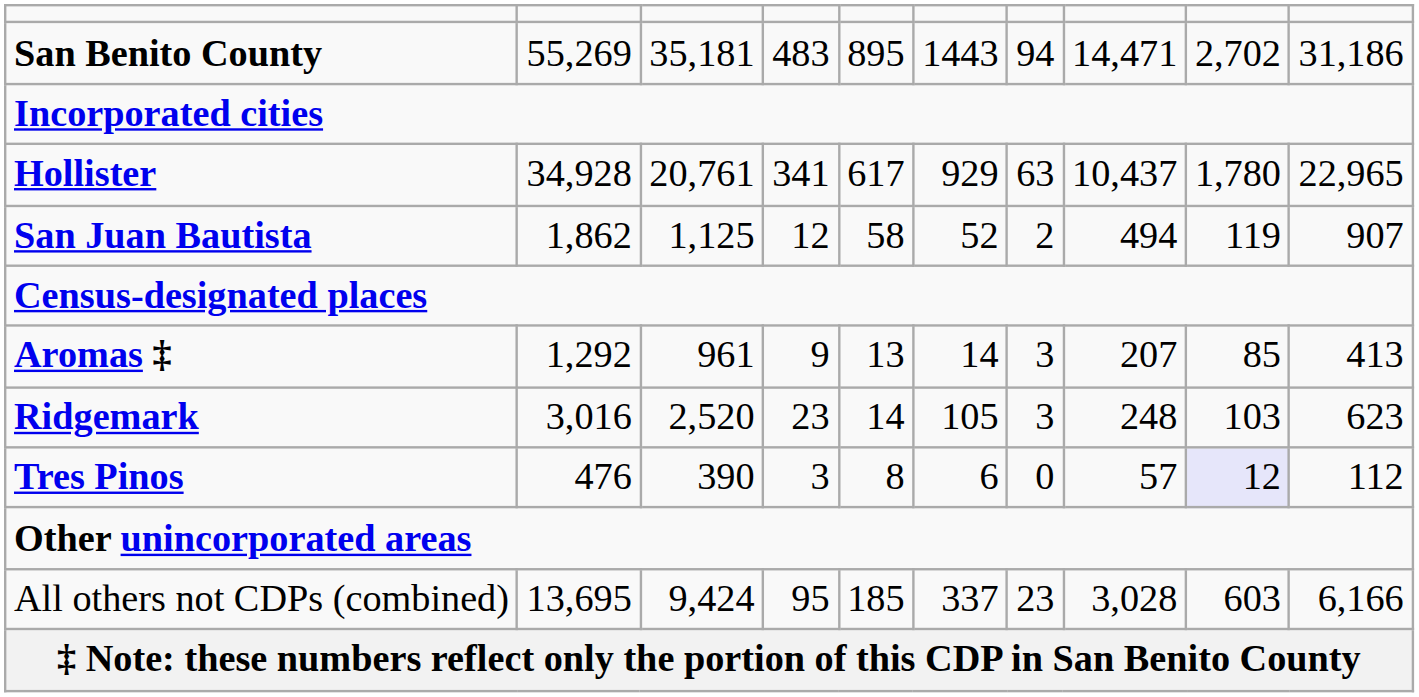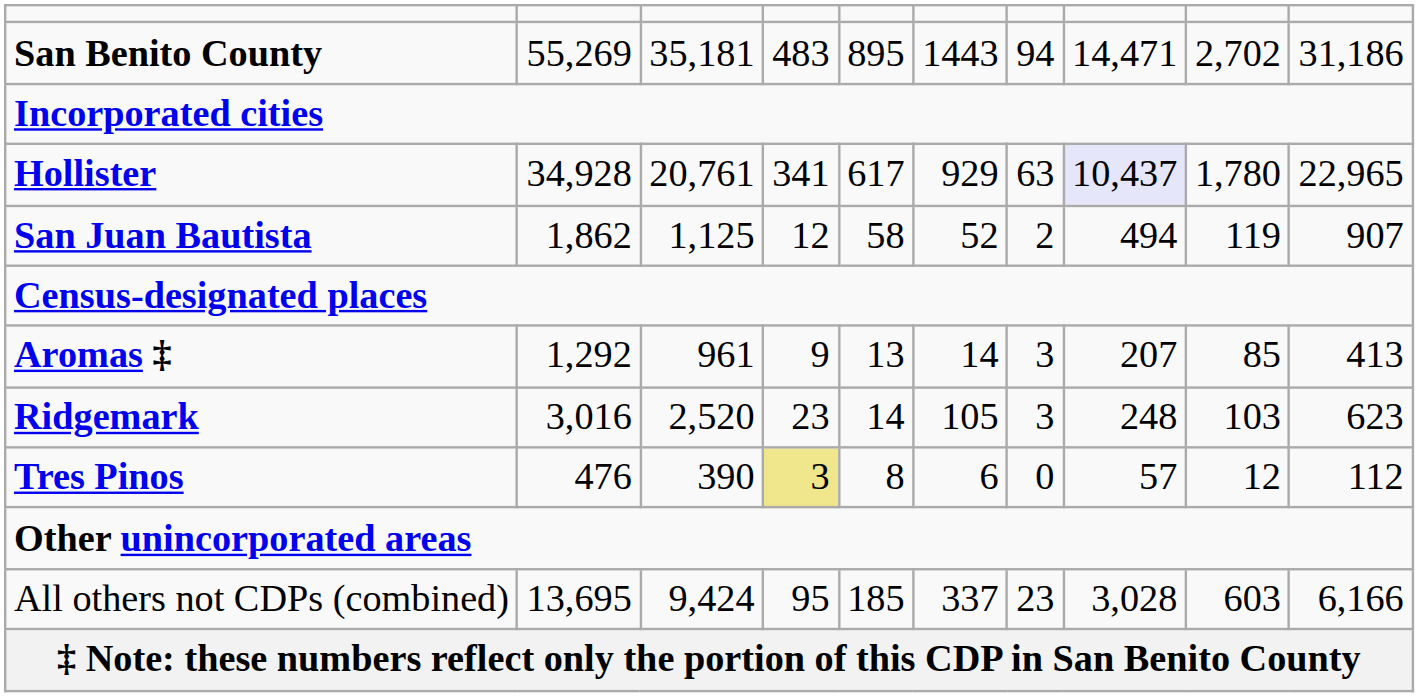 <table class="wikitable collapsible collapsed">
 <tr>
 <td></td>
 <td></td>
 <td></td>
 <td></td>
 <td></td>
 <td></td>
 <td></td>
 <td></td>
 <td></td>
 <td></td>
 </tr>
 <tr>
 <td><strong> San Benito County</strong></td>
 <td align="right">55,269</td>
 <td align="right">35,181</td>
 <td align="right">483</td>
 <td align="right">895</td>
 <td align="right">1443</td>
 <td align="right">94</td>
 <td align="right">14,471</td>
 <td align="right">2,702</td>
 <td align="right">31,186</td>
 </tr>
 <tr>
 <td colspan=10><strong><a href='#'>Incorporated cities</a></strong></td>
 </tr>
 <tr>
 <td><strong><a href='#'>Hollister</a></strong></td>
 <td align="right">34,928</td>
 <td align="right">20,761</td>
 <td align="right">341</td>
 <td align="right">617</td>
 <td align="right">929</td>
 <td align="right">63</td>
-<td align="right">10,437</td>
+<td align="right" style="background: lavender;">10,437</td>
 <td align="right">1,780</td>
 <td align="right">22,965</td>
 </tr>
 <tr>
 <td><strong><a href='#'>San Juan Bautista</a></strong></td>
 <td align="right">1,862</td>
 <td align="right">1,125</td>
 <td align="right">12</td>
 <td align="right">58</td>
 <td align="right">52</td>
 <td align="right">2</td>
 <td align="right">494</td>
 <td align="right">119</td>
 <td align="right">907</td>
 </tr>
 <tr>
 <td colspan=10><strong><a href='#'>Census-designated places</a></strong></td>
 </tr>
 <tr>
 <td><strong><a href='#'>Aromas</a> ‡</strong></td>
 <td align="right">1,292</td>
 <td align="right">961</td>
 <td align="right">9</td>
 <td align="right">13</td>
 <td align="right">14</td>
 <td align="right">3</td>
 <td align="right">207</td>
 <td align="right">85</td>
 <td align="right">413</td>
 </tr>
 <tr>
 <td><strong><a href='#'>Ridgemark</a></strong></td>
 <td align="right">3,016</td>
 <td align="right">2,520</td>
 <td align="right">23</td>
 <td align="right">14</td>
 <td align="right">105</td>
 <td align="right">3</td>
 <td align="right">248</td>
 <td align="right">103</td>
 <td align="right">623</td>
 </tr>
 <tr>
 <td><strong><a href='#'>Tres Pinos</a></strong></td>
 <td align="right">476</td>
 <td align="right">390</td>
-<td align="right">3</td>
+<td align="right" style="background: khaki;">3</td>
 <td align="right">8</td>
 <td align="right">6</td>
 <td align="right">0</td>
 <td align="right">57</td>
-<td align="right" style="background: lavender;">12</td>
+<td align="right">12</td>
 <td align="right">112</td>
 </tr>
 <tr>
 <td colspan=10><strong>Other <a href='#'>unincorporated areas</a></strong></td>
 </tr>
 <tr>
 <td>All others not CDPs (combined)</td>
 <td align="right">13,695</td>
 <td align="right">9,424</td>
 <td align="right">95</td>
 <td align="right">185</td>
 <td align="right">337</td>
 <td align="right">23</td>
 <td align="right">3,028</td>
 <td align="right">603</td>
 <td align="right">6,166</td>
 </tr>
 <tr>
 <th colspan=10>‡ Note: these numbers reflect only the portion of this CDP in San Benito County</th>
 </tr>
 </table>
